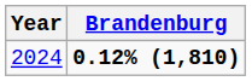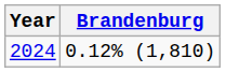 <table class="wikitable">
 <tr>
 <th>Year</th>
 <th><a href='#'>Brandenburg</a></th>
 </tr>
 <tr>
 <td><a href='#'>2024</a></td>
-<td><strong>0.12% (1,810)</strong></td>
+<td>0.12% (1,810)</td>
 </tr>
 </table>
